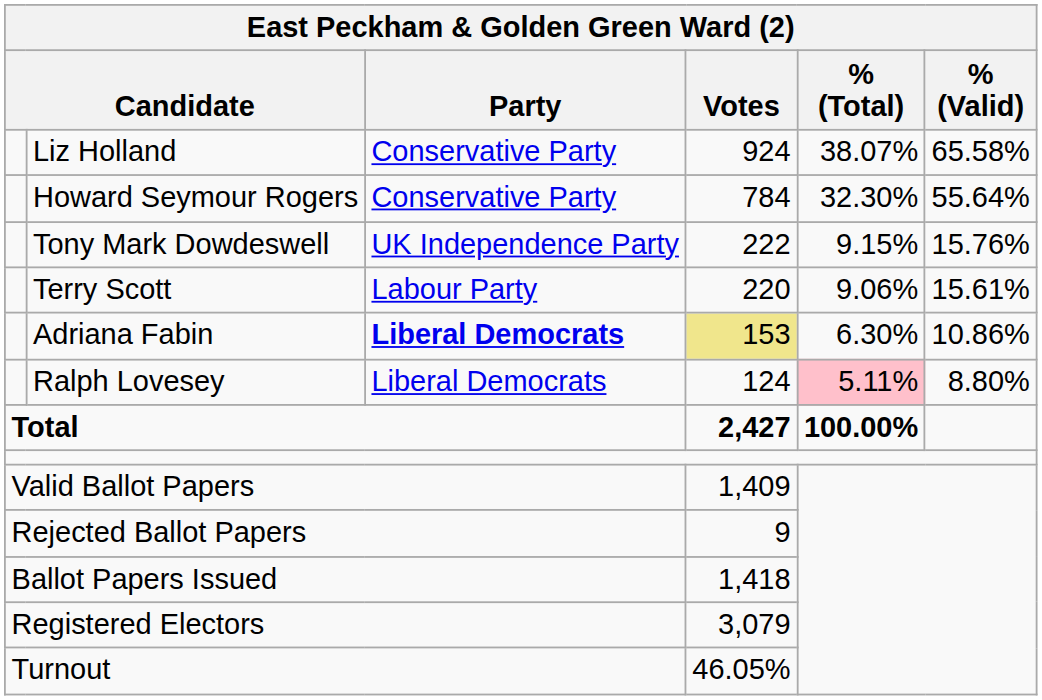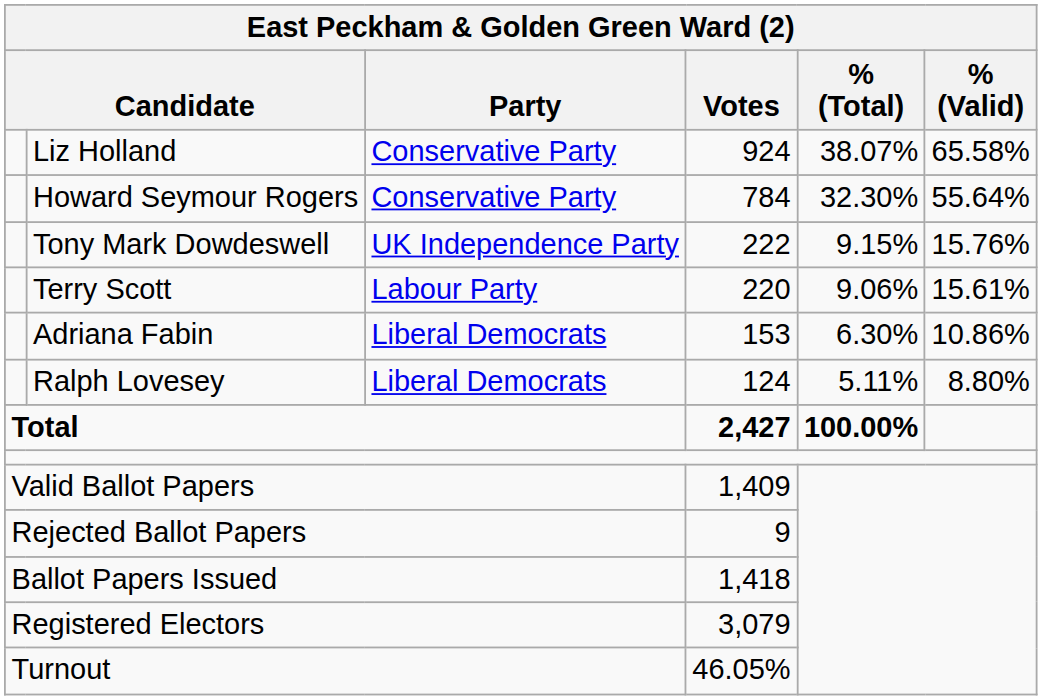 <table class="wikitable" border="1" style="text-align:right; font-size:100%">
 <tr>
 <th align=center colspan=6>East Peckham & Golden Green Ward (2)</th>
 </tr>
 <tr>
 <th valign=bottom align=left colspan=2>Candidate</th>
 <th valign=bottom align=left>Party</th>
 <th valign=bottom align=center>Votes</th>
 <th align=center>%<br>(Total)</th>
 <th align=center>%<br>(Valid)</th>
 </tr>
 <tr>
 <td bgcolor=> </td>
 <td align=left>Liz Holland</td>
 <td align=left><a href='#'>Conservative Party</a></td>
 <td>924</td>
 <td>38.07%</td>
 <td>65.58%</td>
 </tr>
 <tr>
 <td bgcolor=> </td>
 <td align=left>Howard Seymour Rogers</td>
 <td align=left><a href='#'>Conservative Party</a></td>
 <td>784</td>
 <td>32.30%</td>
 <td>55.64%</td>
 </tr>
 <tr>
 <td bgcolor=> </td>
 <td align=left>Tony Mark Dowdeswell</td>
 <td align=left><a href='#'>UK Independence Party</a></td>
 <td>222</td>
 <td>9.15%</td>
 <td>15.76%</td>
 </tr>
 <tr>
 <td bgcolor=> </td>
 <td align=left>Terry Scott</td>
 <td align=left><a href='#'>Labour Party</a></td>
 <td>220</td>
 <td>9.06%</td>
 <td>15.61%</td>
 </tr>
 <tr>
 <td bgcolor=> </td>
 <td align=left>Adriana Fabin</td>
-<td align=left><strong><a href='#'>Liberal Democrats</a></strong></td>
-<td style="background: khaki;">153</td>
+<td align=left><a href='#'>Liberal Democrats</a></td>
+<td>153</td>
 <td>6.30%</td>
 <td>10.86%</td>
 </tr>
 <tr>
 <td bgcolor=> </td>
 <td align=left>Ralph Lovesey</td>
 <td align=left><a href='#'>Liberal Democrats</a></td>
 <td>124</td>
-<td style="background: pink;">5.11%</td>
+<td>5.11%</td>
 <td>8.80%</td>
 </tr>
 <tr>
 <td align=left colspan=3><strong>Total</strong></td>
 <td><strong>2,427</strong></td>
 <td><strong>100.00%</strong></td>
 <td></td>
 </tr>
 <tr>
 <td align=left colspan=6></td>
 </tr>
 <tr>
 <td align=left colspan=3>Valid Ballot Papers</td>
 <td>1,409</td>
 <td colspan=2 rowspan=5></td>
 </tr>
 <tr>
 <td align=left colspan=3>Rejected Ballot Papers</td>
 <td>9</td>
 </tr>
 <tr>
 <td align=left colspan=3>Ballot Papers Issued</td>
 <td>1,418</td>
 </tr>
 <tr>
 <td align=left colspan=3>Registered Electors</td>
 <td>3,079</td>
 </tr>
 <tr>
 <td align=left colspan=3>Turnout</td>
 <td>46.05%</td>
 </tr>
 </table>
